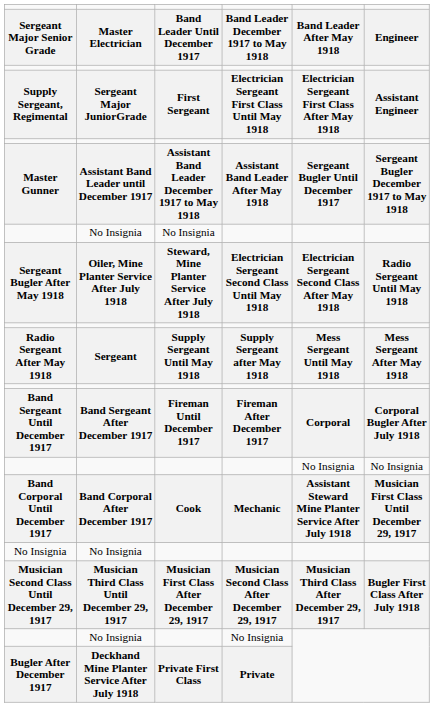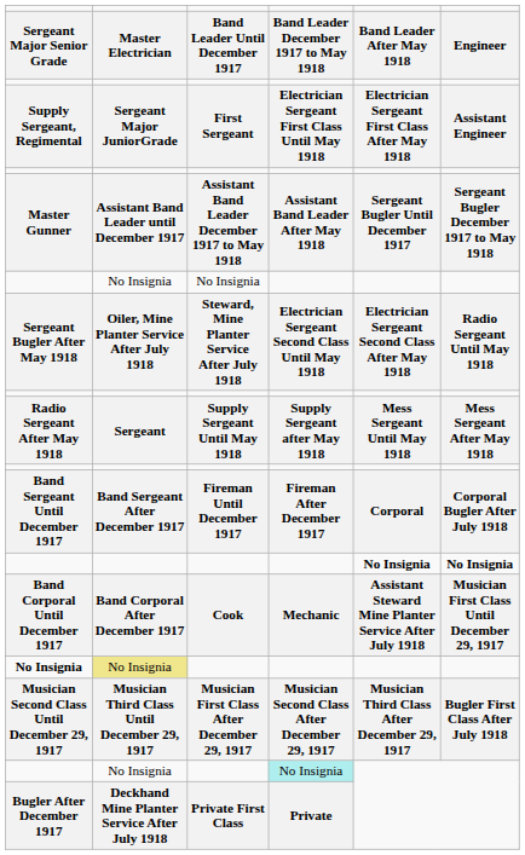 <table class="wikitable" style="text-align:center">
 <tr>
 <td></td>
 <td></td>
 <td></td>
 <td></td>
 <td></td>
 <td></td>
 </tr>
 <tr>
 <th>Sergeant Major Senior Grade</th>
 <th>Master Electrician</th>
 <th>Band Leader Until December 1917</th>
 <th>Band Leader December 1917 to May 1918</th>
 <th>Band Leader After May 1918</th>
 <th>Engineer</th>
 </tr>
 <tr>
 <td></td>
 <td></td>
 <td></td>
 <td></td>
 <td></td>
 <td></td>
 </tr>
 <tr>
 <th>Supply Sergeant, Regimental</th>
 <th>Sergeant Major JuniorGrade</th>
 <th>First Sergeant</th>
 <th>Electrician Sergeant First Class Until May 1918</th>
 <th>Electrician Sergeant First Class After May 1918</th>
 <th>Assistant Engineer</th>
 </tr>
 <tr>
 <td></td>
 <td></td>
 <td></td>
 <td></td>
 <td></td>
 <td></td>
 </tr>
 <tr>
 <th>Master Gunner</th>
 <th>Assistant Band Leader until December 1917</th>
 <th>Assistant Band Leader December 1917 to May 1918</th>
 <th>Assistant Band Leader After May 1918</th>
 <th>Sergeant Bugler Until December 1917</th>
 <th>Sergeant Bugler December 1917 to May 1918</th>
 </tr>
 <tr>
 <td></td>
 <td>No Insignia</td>
 <td>No Insignia</td>
 <td></td>
 <td></td>
 <td></td>
 </tr>
 <tr>
 <th>Sergeant Bugler After May 1918</th>
 <th>Oiler, Mine Planter Service After July 1918</th>
 <th>Steward, Mine Planter Service After July 1918</th>
 <th>Electrician Sergeant Second Class Until May 1918</th>
 <th>Electrician Sergeant Second Class After May 1918</th>
 <th>Radio Sergeant Until May 1918</th>
 </tr>
 <tr>
 <td></td>
 <td></td>
 <td></td>
 <td></td>
 <td></td>
 <td></td>
 </tr>
 <tr>
 <th>Radio Sergeant After May 1918</th>
 <th>Sergeant</th>
 <th>Supply Sergeant Until May 1918</th>
 <th>Supply Sergeant after May 1918</th>
 <th>Mess Sergeant Until May 1918</th>
 <th>Mess Sergeant After May 1918</th>
 </tr>
 <tr>
 <td></td>
 <td></td>
 <td></td>
 <td></td>
 <td></td>
 <td></td>
 </tr>
 <tr>
 <th>Band Sergeant Until December 1917</th>
 <th>Band Sergeant After December 1917</th>
 <th>Fireman Until December 1917</th>
 <th>Fireman After December 1917</th>
 <th>Corporal</th>
 <th>Corporal Bugler After July 1918</th>
 </tr>
 <tr>
 <td></td>
 <td></td>
 <td></td>
 <td></td>
-<td>No Insignia</td>
-<td>No Insignia</td>
+<td><strong>No Insignia</strong></td>
+<td><strong>No Insignia</strong></td>
 </tr>
 <tr>
 <th>Band Corporal Until December 1917</th>
 <th>Band Corporal After December 1917</th>
 <th>Cook</th>
 <th>Mechanic</th>
 <th>Assistant Steward Mine Planter Service After July 1918</th>
 <th>Musician First Class Until December 29, 1917</th>
 </tr>
 <tr>
-<td>No Insignia</td>
-<td>No Insignia</td>
+<td><strong>No Insignia</strong></td>
+<td style="background: khaki;">No Insignia</td>
 <td></td>
 <td></td>
 <td></td>
 <td></td>
 </tr>
 <tr>
 <th>Musician Second Class Until December 29, 1917</th>
 <th>Musician Third Class Until December 29, 1917</th>
 <th>Musician First Class After December 29, 1917</th>
 <th>Musician Second Class After December 29, 1917</th>
 <th>Musician Third Class After December 29, 1917</th>
 <th>Bugler First Class After July 1918</th>
 </tr>
 <tr>
 <td></td>
 <td>No Insignia</td>
 <td></td>
-<td>No Insignia</td>
+<td style="background: paleturquoise;">No Insignia</td>
 </tr>
 <tr>
 <th>Bugler After December 1917</th>
 <th>Deckhand Mine Planter Service After July 1918</th>
 <th>Private First Class</th>
 <th>Private</th>
 </tr>
 </table>
